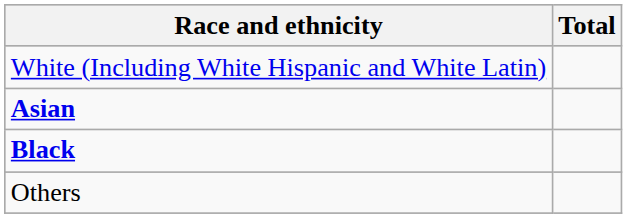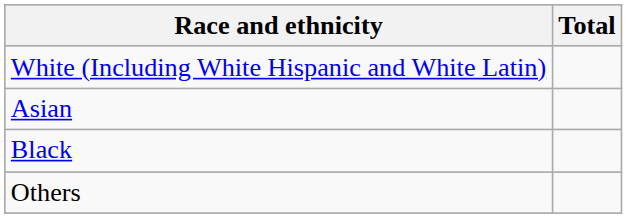 <table class="wikitable floatright sortable collapsible"; text-align:right; font-size:80%;">
 <tr>
 <th>Race and ethnicity</th>
 <th colspan="2" data-sort-type=number>Total</th>
 </tr>
 <tr>
 <td><a href='#'>White (Including White Hispanic and White Latin)</a></td>
 <td align=right></td>
 </tr>
 <tr>
-<td><strong><a href='#'>Asian</a></strong></td>
+<td><a href='#'>Asian</a></td>
 <td align=right></td>
 </tr>
 <tr>
-<td><strong><a href='#'>Black</a></strong></td>
+<td><a href='#'>Black</a></td>
 <td align=right></td>
 </tr>
 <tr>
 <td>Others</td>
 <td align=right></td>
 </tr>
 </table>
